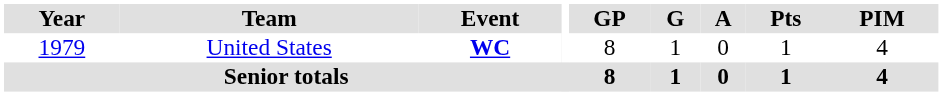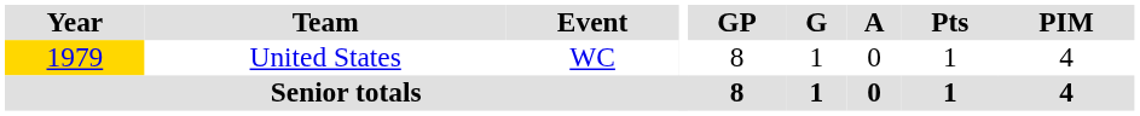 <table border="0" cellpadding="1" cellspacing="0" ID="Table3" style="text-align:center; width:40em">
 <tr bgcolor="#e0e0e0">
 <th>Year</th>
 <th>Team</th>
 <th>Event</th>
 <th rowspan="102" bgcolor="#ffffff"></th>
 <th>GP</th>
 <th>G</th>
 <th>A</th>
 <th>Pts</th>
 <th>PIM</th>
 </tr>
 <tr>
-<td><a href='#'>1979</a></td>
+<td style="background: gold;"><a href='#'>1979</a></td>
 <td><a href='#'>United States</a></td>
-<td><strong><a href='#'>WC</a></strong></td>
+<td><a href='#'>WC</a></td>
 <td>8</td>
 <td>1</td>
 <td>0</td>
 <td>1</td>
 <td>4</td>
 </tr>
 <tr bgcolor="#e0e0e0">
 <th colspan="4">Senior totals</th>
 <th>8</th>
 <th>1</th>
 <th>0</th>
 <th>1</th>
 <th>4</th>
 </tr>
 </table>
